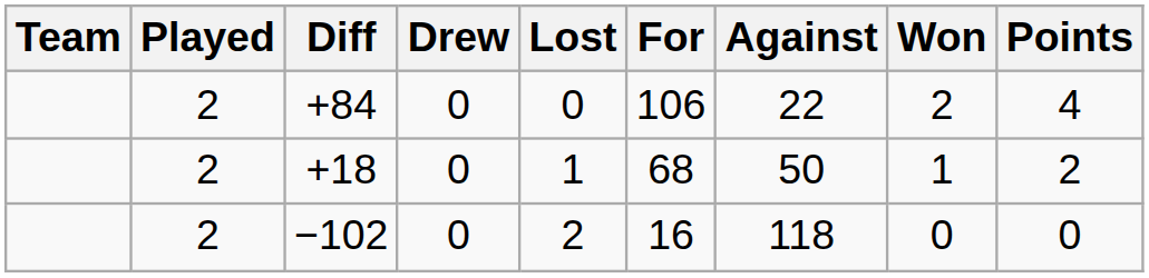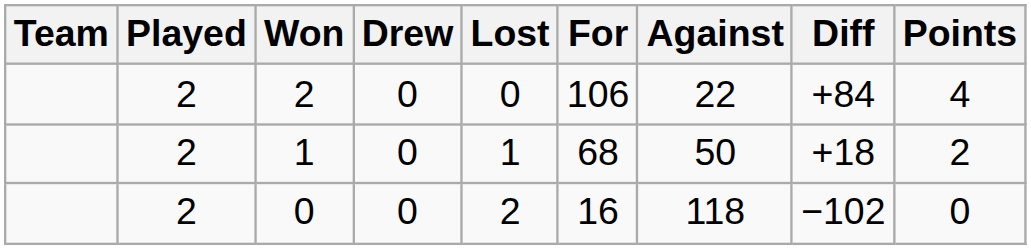 <table class="wikitable" style="text-align:center">
 <tr>
 <th>Team</th>
 <th>Played</th>
-<th>Diff</th>
+<th>Won</th>
 <th>Drew</th>
 <th>Lost</th>
 <th>For</th>
 <th>Against</th>
-<th>Won</th>
+<th>Diff</th>
 <th>Points</th>
 </tr>
 <tr>
 <td align=left></td>
 <td>2</td>
-<td>+84</td>
+<td>2</td>
 <td>0</td>
 <td>0</td>
 <td>106</td>
 <td>22</td>
-<td>2</td>
+<td>+84</td>
 <td>4</td>
 </tr>
 <tr>
 <td align=left></td>
 <td>2</td>
-<td>+18</td>
+<td>1</td>
 <td>0</td>
 <td>1</td>
 <td>68</td>
 <td>50</td>
-<td>1</td>
+<td>+18</td>
 <td>2</td>
 </tr>
 <tr>
 <td align=left></td>
 <td>2</td>
-<td>−102</td>
+<td>0</td>
 <td>0</td>
 <td>2</td>
 <td>16</td>
 <td>118</td>
-<td>0</td>
+<td>−102</td>
 <td>0</td>
 </tr>
 </table>
